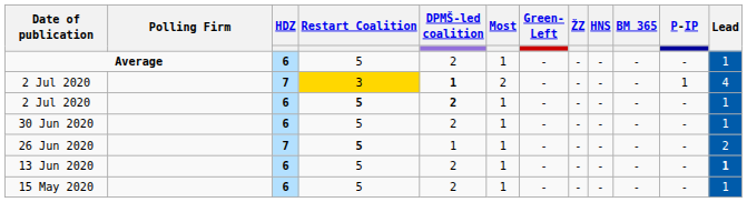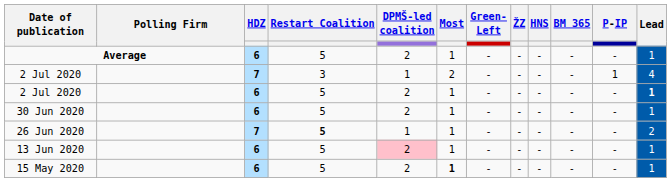 <table class="wikitable sortable" style="text-align:center; font-size:90%; line-height:16px;">
 <tr style="height:42px;">
 <th style="width:100px;" rowspan="2">Date of publication</th>
 <th style="width:165px;" rowspan="2">Polling Firm</th>
 <th class="unsortable"><a href='#'>HDZ</a></th>
 <th class="unsortable"><a href='#'>Restart Coalition</a></th>
 <th class="unsortable"><a href='#'>DPMŠ-led coalition</a></th>
 <th class="unsortable"><a href='#'>Most</a></th>
 <th class="unsortable"><a href='#'>Green-Left</a></th>
 <th class="unsortable"><a href='#'>ŽZ</a></th>
 <th class="unsortable"><a href='#'>HNS</a></th>
 <th class="unsortable"><a href='#'>BM 365</a></th>
 <th class="unsortable"><a href='#'>P</a>-<a href='#'>IP</a></th>
 <th class="unsortable" style="width:20px;" rowspan="2">Lead</th>
 </tr>
 <tr>
 <th class="unsortable" style="color:inherit;background:"></th>
 <th class="unsortable" style="color:inherit;background:"></th>
 <th class="unsortable" style="color:inherit;background:#9370db; width:45px;"></th>
 <th class="unsortable" style="color:inherit;background:"></th>
 <th class="unsortable" style="background:#cc0000" width="45px"></th>
 <th class="unsortable" style="color:inherit;background:"></th>
 <th class="unsortable" style="color:inherit;background:"></th>
 <th class="unsortable" style="color:inherit;background:"></th>
 <th class="unsortable" style="color:inherit;background:#00009a; width:45px;"></th>
 </tr>
 <tr>
 <td colspan="2"><strong>Average</strong></td>
 <td style="background:#B3E0FF"><strong>6</strong></td>
 <td>5</td>
 <td>2</td>
 <td>1</td>
 <td>-</td>
 <td>-</td>
 <td>-</td>
 <td>-</td>
 <td>-</td>
 <td style="background:#005BAA; color:white;">1</td>
 </tr>
 <tr>
 <td>2 Jul 2020</td>
 <td></td>
 <td style="background:#B3E0FF"><strong>7</strong></td>
-<td style="background: gold;">3</td>
-<td><strong>1</strong></td>
+<td>3</td>
+<td>1</td>
 <td>2</td>
 <td>-</td>
 <td>-</td>
 <td>-</td>
 <td>-</td>
 <td>1</td>
 <td style="background:#005BAA; color:white;">4</td>
 </tr>
 <tr>
 <td>2 Jul 2020</td>
 <td></td>
 <td style="background:#B3E0FF"><strong>6</strong></td>
-<td><strong>5</strong></td>
-<td><strong>2</strong></td>
+<td>5</td>
+<td>2</td>
 <td>1</td>
 <td>-</td>
 <td>-</td>
 <td>-</td>
 <td>-</td>
 <td>-</td>
-<td style="background:#005BAA; color:white;">1</td>
+<td style="background:#005BAA; color:white;"><strong>1</strong></td>
 </tr>
 <tr>
 <td>30 Jun 2020</td>
 <td></td>
 <td style="background:#B3E0FF"><strong>6</strong></td>
 <td>5</td>
 <td>2</td>
 <td>1</td>
 <td>-</td>
 <td>-</td>
 <td>-</td>
 <td>-</td>
 <td>-</td>
 <td style="background:#005BAA; color:white;">1</td>
 </tr>
 <tr>
 <td>26 Jun 2020</td>
 <td></td>
 <td style="background:#B3E0FF"><strong>7</strong></td>
 <td><strong>5</strong></td>
 <td>1</td>
 <td>1</td>
 <td>-</td>
 <td>-</td>
 <td>-</td>
 <td>-</td>
 <td>-</td>
 <td style="background:#005BAA; color:white;">2</td>
 </tr>
 <tr>
 <td>13 Jun 2020</td>
 <td></td>
 <td style="background:#B3E0FF"><strong>6</strong></td>
 <td>5</td>
-<td>2</td>
-<td>1</td>
-<td>-</td>
-<td>-</td>
-<td>-</td>
-<td>-</td>
-<td>-</td>
-<td style="background:#005BAA; color:white;"><strong>1</strong></td>
-</tr>
-<tr>
-<td>15 May 2020</td>
-<td></td>
-<td style="background:#B3E0FF"><strong>6</strong></td>
-<td>5</td>
-<td>2</td>
+<td style="background: pink;">2</td>
 <td>1</td>
 <td>-</td>
 <td>-</td>
 <td>-</td>
 <td>-</td>
 <td>-</td>
 <td style="background:#005BAA; color:white;">1</td>
 </tr>
+<tr>
+<td>15 May 2020</td>
+<td></td>
+<td style="background:#B3E0FF"><strong>6</strong></td>
+<td>5</td>
+<td>2</td>
+<td><strong>1</strong></td>
+<td>-</td>
+<td>-</td>
+<td>-</td>
+<td>-</td>
+<td>-</td>
+<td style="background:#005BAA; color:white;">1</td>
+</tr>
 </table>
